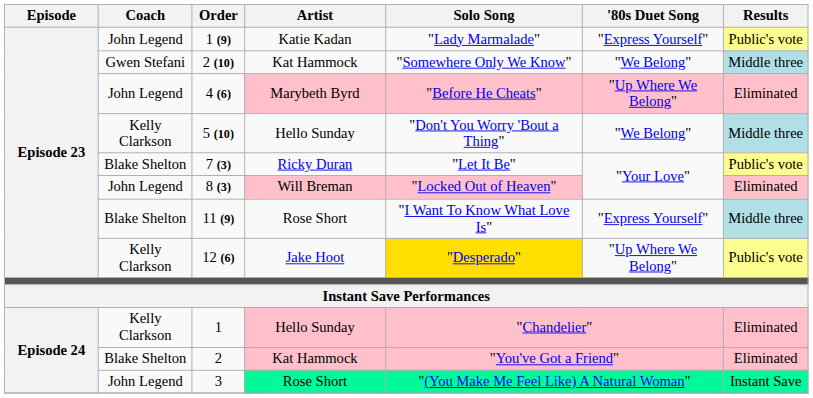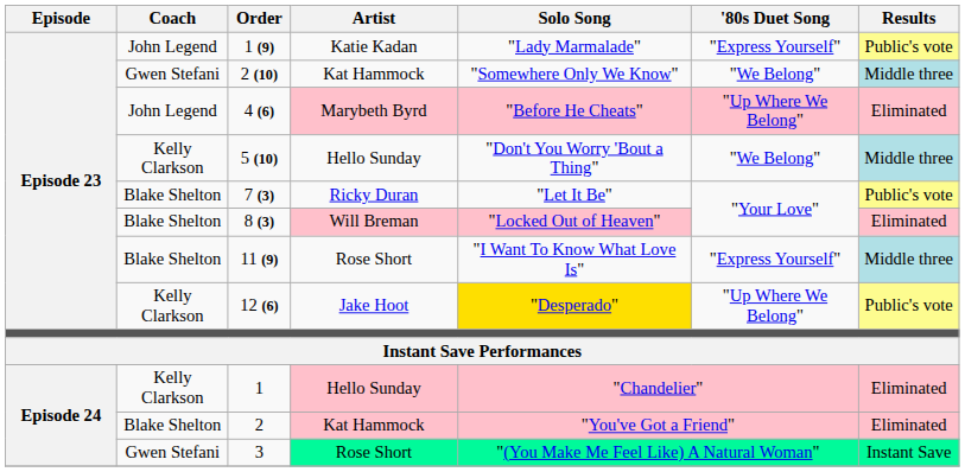 <table class="wikitable" style="text-align:center; width:100%;">
 <tr>
 <th style="width:10%;">Episode</th>
 <th style="width:10%;">Coach</th>
 <th style="width:05%;">Order</th>
 <th style="width:15%;">Artist</th>
 <th style="width:21%;">Solo Song</th>
 <th style="width:15%;">'80s Duet Song</th>
 <th style="width:09%;">Results</th>
 </tr>
 <tr>
 <th rowspan="8">Episode 23<br><small></small></th>
 <td>John Legend</td>
 <td>1 <small><strong>(9)</strong></small></td>
 <td>Katie Kadan</td>
 <td>"<a href='#'>Lady Marmalade</a>"</td>
 <td>"<a href='#'>Express Yourself</a>"</td>
 <td style="background:#fdfc8f;">Public's vote</td>
 </tr>
 <tr>
 <td>Gwen Stefani</td>
 <td>2 <small><strong>(10)</strong></small></td>
 <td>Kat Hammock</td>
 <td>"<a href='#'>Somewhere Only We Know</a>"</td>
 <td>"<a href='#'>We Belong</a>"</td>
 <td style="background:#b0e0e6;">Middle three</td>
 </tr>
 <tr>
 <td>John Legend</td>
 <td>4 <small><strong>(6)</strong></small></td>
 <td style="background:pink;">Marybeth Byrd</td>
 <td style="background:pink;">"<a href='#'>Before He Cheats</a>"</td>
 <td style="background:pink;">"<a href='#'>Up Where We Belong</a>"</td>
 <td style="background:pink;">Eliminated</td>
 </tr>
 <tr>
 <td>Kelly Clarkson</td>
 <td>5 <small><strong>(10)</strong></small></td>
 <td>Hello Sunday</td>
 <td>"<a href='#'>Don't You Worry 'Bout a Thing</a>"</td>
 <td>"<a href='#'>We Belong</a>"</td>
 <td style="background:#b0e0e6;">Middle three</td>
 </tr>
 <tr>
 <td>Blake Shelton</td>
 <td>7 <small><strong>(3)</strong></small></td>
 <td><a href='#'>Ricky Duran</a></td>
 <td>"<a href='#'>Let It Be</a>"</td>
 <td rowspan="2">"<a href='#'>Your Love</a>"</td>
 <td style="background:#fdfc8f;">Public's vote</td>
 </tr>
 <tr>
-<td>John Legend</td>
+<td>Blake Shelton</td>
 <td>8 <small><strong>(3)</strong></small></td>
 <td style="background:pink;">Will Breman</td>
 <td style="background:pink;">"<a href='#'>Locked Out of Heaven</a>"</td>
 <td style="background:pink;">Eliminated</td>
 </tr>
 <tr>
 <td>Blake Shelton</td>
 <td>11 <small><strong>(9)</strong></small></td>
 <td>Rose Short</td>
 <td>"<a href='#'>I Want To Know What Love Is</a>"</td>
 <td>"<a href='#'>Express Yourself</a>"</td>
 <td style="background:#b0e0e6;">Middle three</td>
 </tr>
 <tr>
 <td>Kelly Clarkson</td>
 <td>12 <small><strong>(6)</strong></small></td>
 <td><a href='#'>Jake Hoot</a></td>
 <td style="background:#fedf00;">"<a href='#'>Desperado</a>"</td>
 <td>"<a href='#'>Up Where We Belong</a>"</td>
 <td style="background:#fdfc8f;">Public's vote</td>
 </tr>
 <tr>
 <td colspan="7" style="background:#555;"></td>
 </tr>
 <tr>
 <th colspan="7">Instant Save Performances</th>
 </tr>
 <tr>
 <th rowspan="3" scope="row">Episode 24<br><small></small></th>
 <td>Kelly Clarkson</td>
 <td>1</td>
 <td style="background:pink;">Hello Sunday</td>
 <td style="background:pink;" colspan="2">"<a href='#'>Chandelier</a>"</td>
 <td style="background:pink;">Eliminated</td>
 </tr>
 <tr>
 <td>Blake Shelton</td>
 <td>2</td>
 <td style="background:pink;">Kat Hammock</td>
 <td style="background:pink;" colspan="2">"<a href='#'>You've Got a Friend</a>"</td>
 <td style="background:pink;">Eliminated</td>
 </tr>
 <tr>
-<td>John Legend</td>
+<td>Gwen Stefani</td>
 <td>3</td>
 <td style="background:#00fa9a;">Rose Short</td>
 <td style="background:#00fa9a;" colspan="2">"<a href='#'>(You Make Me Feel Like) A Natural Woman</a>"</td>
 <td style="background:#00fa9a;">Instant Save</td>
 </tr>
 <tr>
 </tr>
 </table>
